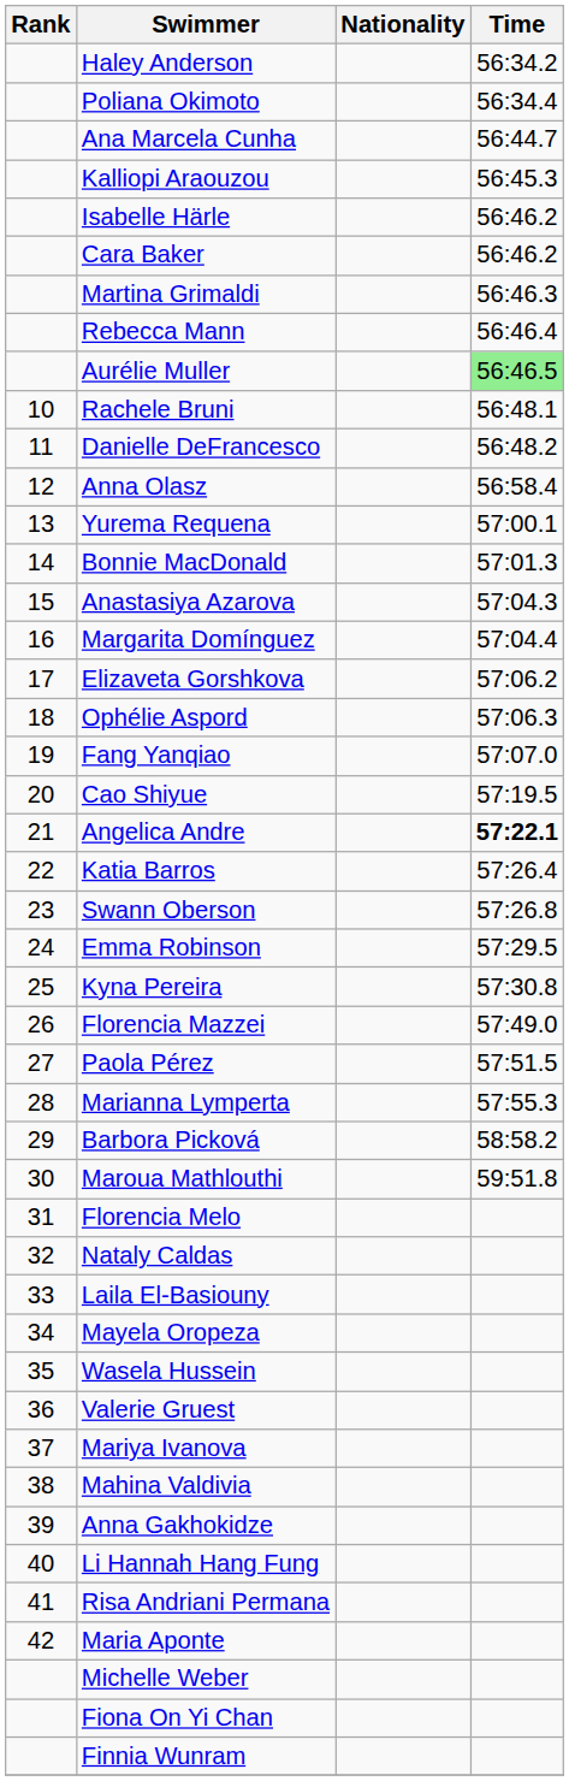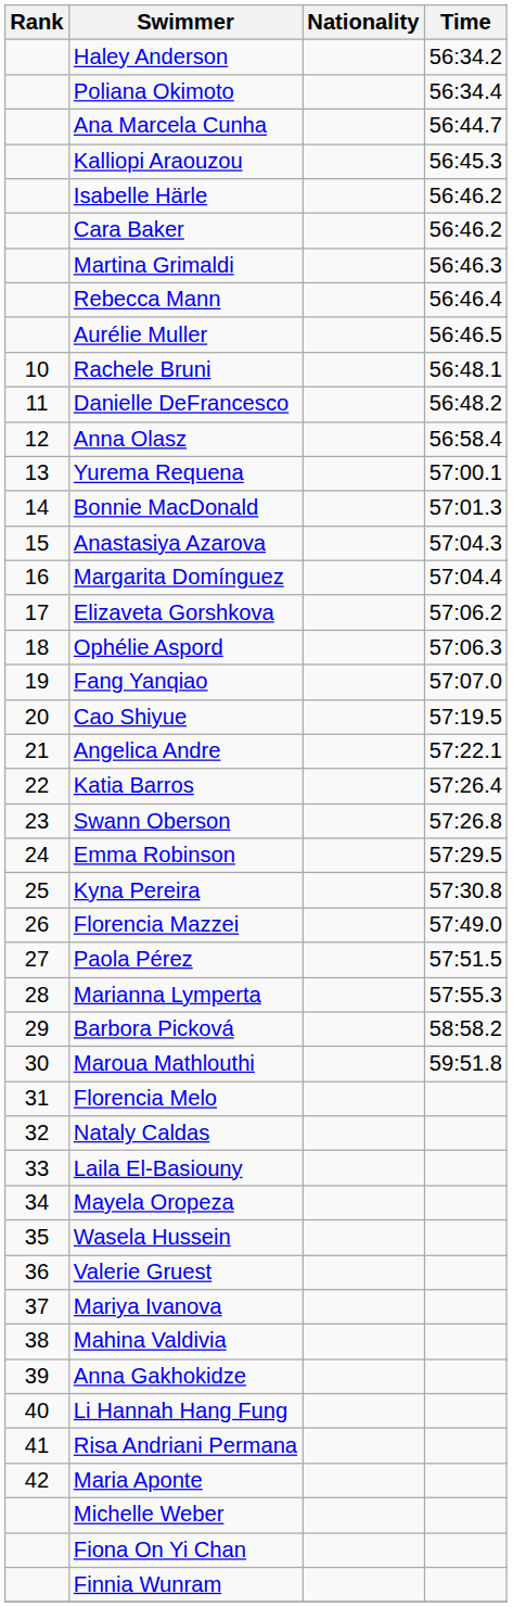 <table class="wikitable sortable" border="1" style="text-align:center">
 <tr>
 <th>Rank</th>
 <th>Swimmer</th>
 <th>Nationality</th>
 <th>Time</th>
 </tr>
 <tr>
 <td></td>
 <td align=left><a href='#'>Haley Anderson</a></td>
 <td align=left></td>
 <td>56:34.2</td>
 </tr>
 <tr>
 <td></td>
 <td align=left><a href='#'>Poliana Okimoto</a></td>
 <td align=left></td>
 <td>56:34.4</td>
 </tr>
 <tr>
 <td></td>
 <td align=left><a href='#'>Ana Marcela Cunha</a></td>
 <td align=left></td>
 <td>56:44.7</td>
 </tr>
 <tr>
 <td></td>
 <td align=left><a href='#'>Kalliopi Araouzou</a></td>
 <td align=left></td>
 <td>56:45.3</td>
 </tr>
 <tr>
 <td></td>
 <td align=left><a href='#'>Isabelle Härle</a></td>
 <td align=left></td>
 <td>56:46.2</td>
 </tr>
 <tr>
 <td></td>
 <td align=left><a href='#'>Cara Baker</a></td>
 <td align=left></td>
 <td>56:46.2</td>
 </tr>
 <tr>
 <td></td>
 <td align=left><a href='#'>Martina Grimaldi</a></td>
 <td align=left></td>
 <td>56:46.3</td>
 </tr>
 <tr>
 <td></td>
 <td align=left><a href='#'>Rebecca Mann</a></td>
 <td align=left></td>
 <td>56:46.4</td>
 </tr>
 <tr>
 <td></td>
 <td align=left><a href='#'>Aurélie Muller</a></td>
 <td align=left></td>
-<td style="background: lightgreen;">56:46.5</td>
+<td>56:46.5</td>
 </tr>
 <tr>
 <td>10</td>
 <td align=left><a href='#'>Rachele Bruni</a></td>
 <td align=left></td>
 <td>56:48.1</td>
 </tr>
 <tr>
 <td>11</td>
 <td align=left><a href='#'>Danielle DeFrancesco</a></td>
 <td align=left></td>
 <td>56:48.2</td>
 </tr>
 <tr>
 <td>12</td>
 <td align=left><a href='#'>Anna Olasz</a></td>
 <td align=left></td>
 <td>56:58.4</td>
 </tr>
 <tr>
 <td>13</td>
 <td align=left><a href='#'>Yurema Requena</a></td>
 <td align=left></td>
 <td>57:00.1</td>
 </tr>
 <tr>
 <td>14</td>
 <td align=left><a href='#'>Bonnie MacDonald</a></td>
 <td align=left></td>
 <td>57:01.3</td>
 </tr>
 <tr>
 <td>15</td>
 <td align=left><a href='#'>Anastasiya Azarova</a></td>
 <td align=left></td>
 <td>57:04.3</td>
 </tr>
 <tr>
 <td>16</td>
 <td align=left><a href='#'>Margarita Domínguez</a></td>
 <td align=left></td>
 <td>57:04.4</td>
 </tr>
 <tr>
 <td>17</td>
 <td align=left><a href='#'>Elizaveta Gorshkova</a></td>
 <td align=left></td>
 <td>57:06.2</td>
 </tr>
 <tr>
 <td>18</td>
 <td align=left><a href='#'>Ophélie Aspord</a></td>
 <td align=left></td>
 <td>57:06.3</td>
 </tr>
 <tr>
 <td>19</td>
 <td align=left><a href='#'>Fang Yanqiao</a></td>
 <td align=left></td>
 <td>57:07.0</td>
 </tr>
 <tr>
 <td>20</td>
 <td align=left><a href='#'>Cao Shiyue</a></td>
 <td align=left></td>
 <td>57:19.5</td>
 </tr>
 <tr>
 <td>21</td>
 <td align=left><a href='#'>Angelica Andre</a></td>
 <td align=left></td>
-<td><strong>57:22.1</strong></td>
+<td>57:22.1</td>
 </tr>
 <tr>
 <td>22</td>
 <td align=left><a href='#'>Katia Barros</a></td>
 <td align=left></td>
 <td>57:26.4</td>
 </tr>
 <tr>
 <td>23</td>
 <td align=left><a href='#'>Swann Oberson</a></td>
 <td align=left></td>
 <td>57:26.8</td>
 </tr>
 <tr>
 <td>24</td>
 <td align=left><a href='#'>Emma Robinson</a></td>
 <td align=left></td>
 <td>57:29.5</td>
 </tr>
 <tr>
 <td>25</td>
 <td align=left><a href='#'>Kyna Pereira</a></td>
 <td align=left></td>
 <td>57:30.8</td>
 </tr>
 <tr>
 <td>26</td>
 <td align=left><a href='#'>Florencia Mazzei</a></td>
 <td align=left></td>
 <td>57:49.0</td>
 </tr>
 <tr>
 <td>27</td>
 <td align=left><a href='#'>Paola Pérez</a></td>
 <td align=left></td>
 <td>57:51.5</td>
 </tr>
 <tr>
 <td>28</td>
 <td align=left><a href='#'>Marianna Lymperta</a></td>
 <td align=left></td>
 <td>57:55.3</td>
 </tr>
 <tr>
 <td>29</td>
 <td align=left><a href='#'>Barbora Picková</a></td>
 <td align=left></td>
 <td>58:58.2</td>
 </tr>
 <tr>
 <td>30</td>
 <td align=left><a href='#'>Maroua Mathlouthi</a></td>
 <td align=left></td>
 <td>59:51.8</td>
 </tr>
 <tr>
 <td>31</td>
 <td align=left><a href='#'>Florencia Melo</a></td>
 <td align=left></td>
 <td></td>
 </tr>
 <tr>
 <td>32</td>
 <td align=left><a href='#'>Nataly Caldas</a></td>
 <td align=left></td>
 <td></td>
 </tr>
 <tr>
 <td>33</td>
 <td align=left><a href='#'>Laila El-Basiouny</a></td>
 <td align=left></td>
 <td></td>
 </tr>
 <tr>
 <td>34</td>
 <td align=left><a href='#'>Mayela Oropeza</a></td>
 <td align=left></td>
 <td></td>
 </tr>
 <tr>
 <td>35</td>
 <td align=left><a href='#'>Wasela Hussein</a></td>
 <td align=left></td>
 <td></td>
 </tr>
 <tr>
 <td>36</td>
 <td align=left><a href='#'>Valerie Gruest</a></td>
 <td align=left></td>
 <td></td>
 </tr>
 <tr>
 <td>37</td>
 <td align=left><a href='#'>Mariya Ivanova</a></td>
 <td align=left></td>
 <td></td>
 </tr>
 <tr>
 <td>38</td>
 <td align=left><a href='#'>Mahina Valdivia</a></td>
 <td align=left></td>
 <td></td>
 </tr>
 <tr>
 <td>39</td>
 <td align=left><a href='#'>Anna Gakhokidze</a></td>
 <td align=left></td>
 <td></td>
 </tr>
 <tr>
 <td>40</td>
 <td align=left><a href='#'>Li Hannah Hang Fung</a></td>
 <td align=left></td>
 <td></td>
 </tr>
 <tr>
 <td>41</td>
 <td align=left><a href='#'>Risa Andriani Permana</a></td>
 <td align=left></td>
 <td></td>
 </tr>
 <tr>
 <td>42</td>
 <td align=left><a href='#'>Maria Aponte</a></td>
 <td align=left></td>
 <td></td>
 </tr>
 <tr>
 <td></td>
 <td align=left><a href='#'>Michelle Weber</a></td>
 <td align=left></td>
 <td></td>
 </tr>
 <tr>
 <td></td>
 <td align=left><a href='#'>Fiona On Yi Chan</a></td>
 <td align=left></td>
 <td></td>
 </tr>
 <tr>
 <td></td>
 <td align=left><a href='#'>Finnia Wunram</a></td>
 <td align=left></td>
 <td></td>
 </tr>
 <tr>
 </tr>
 </table>
